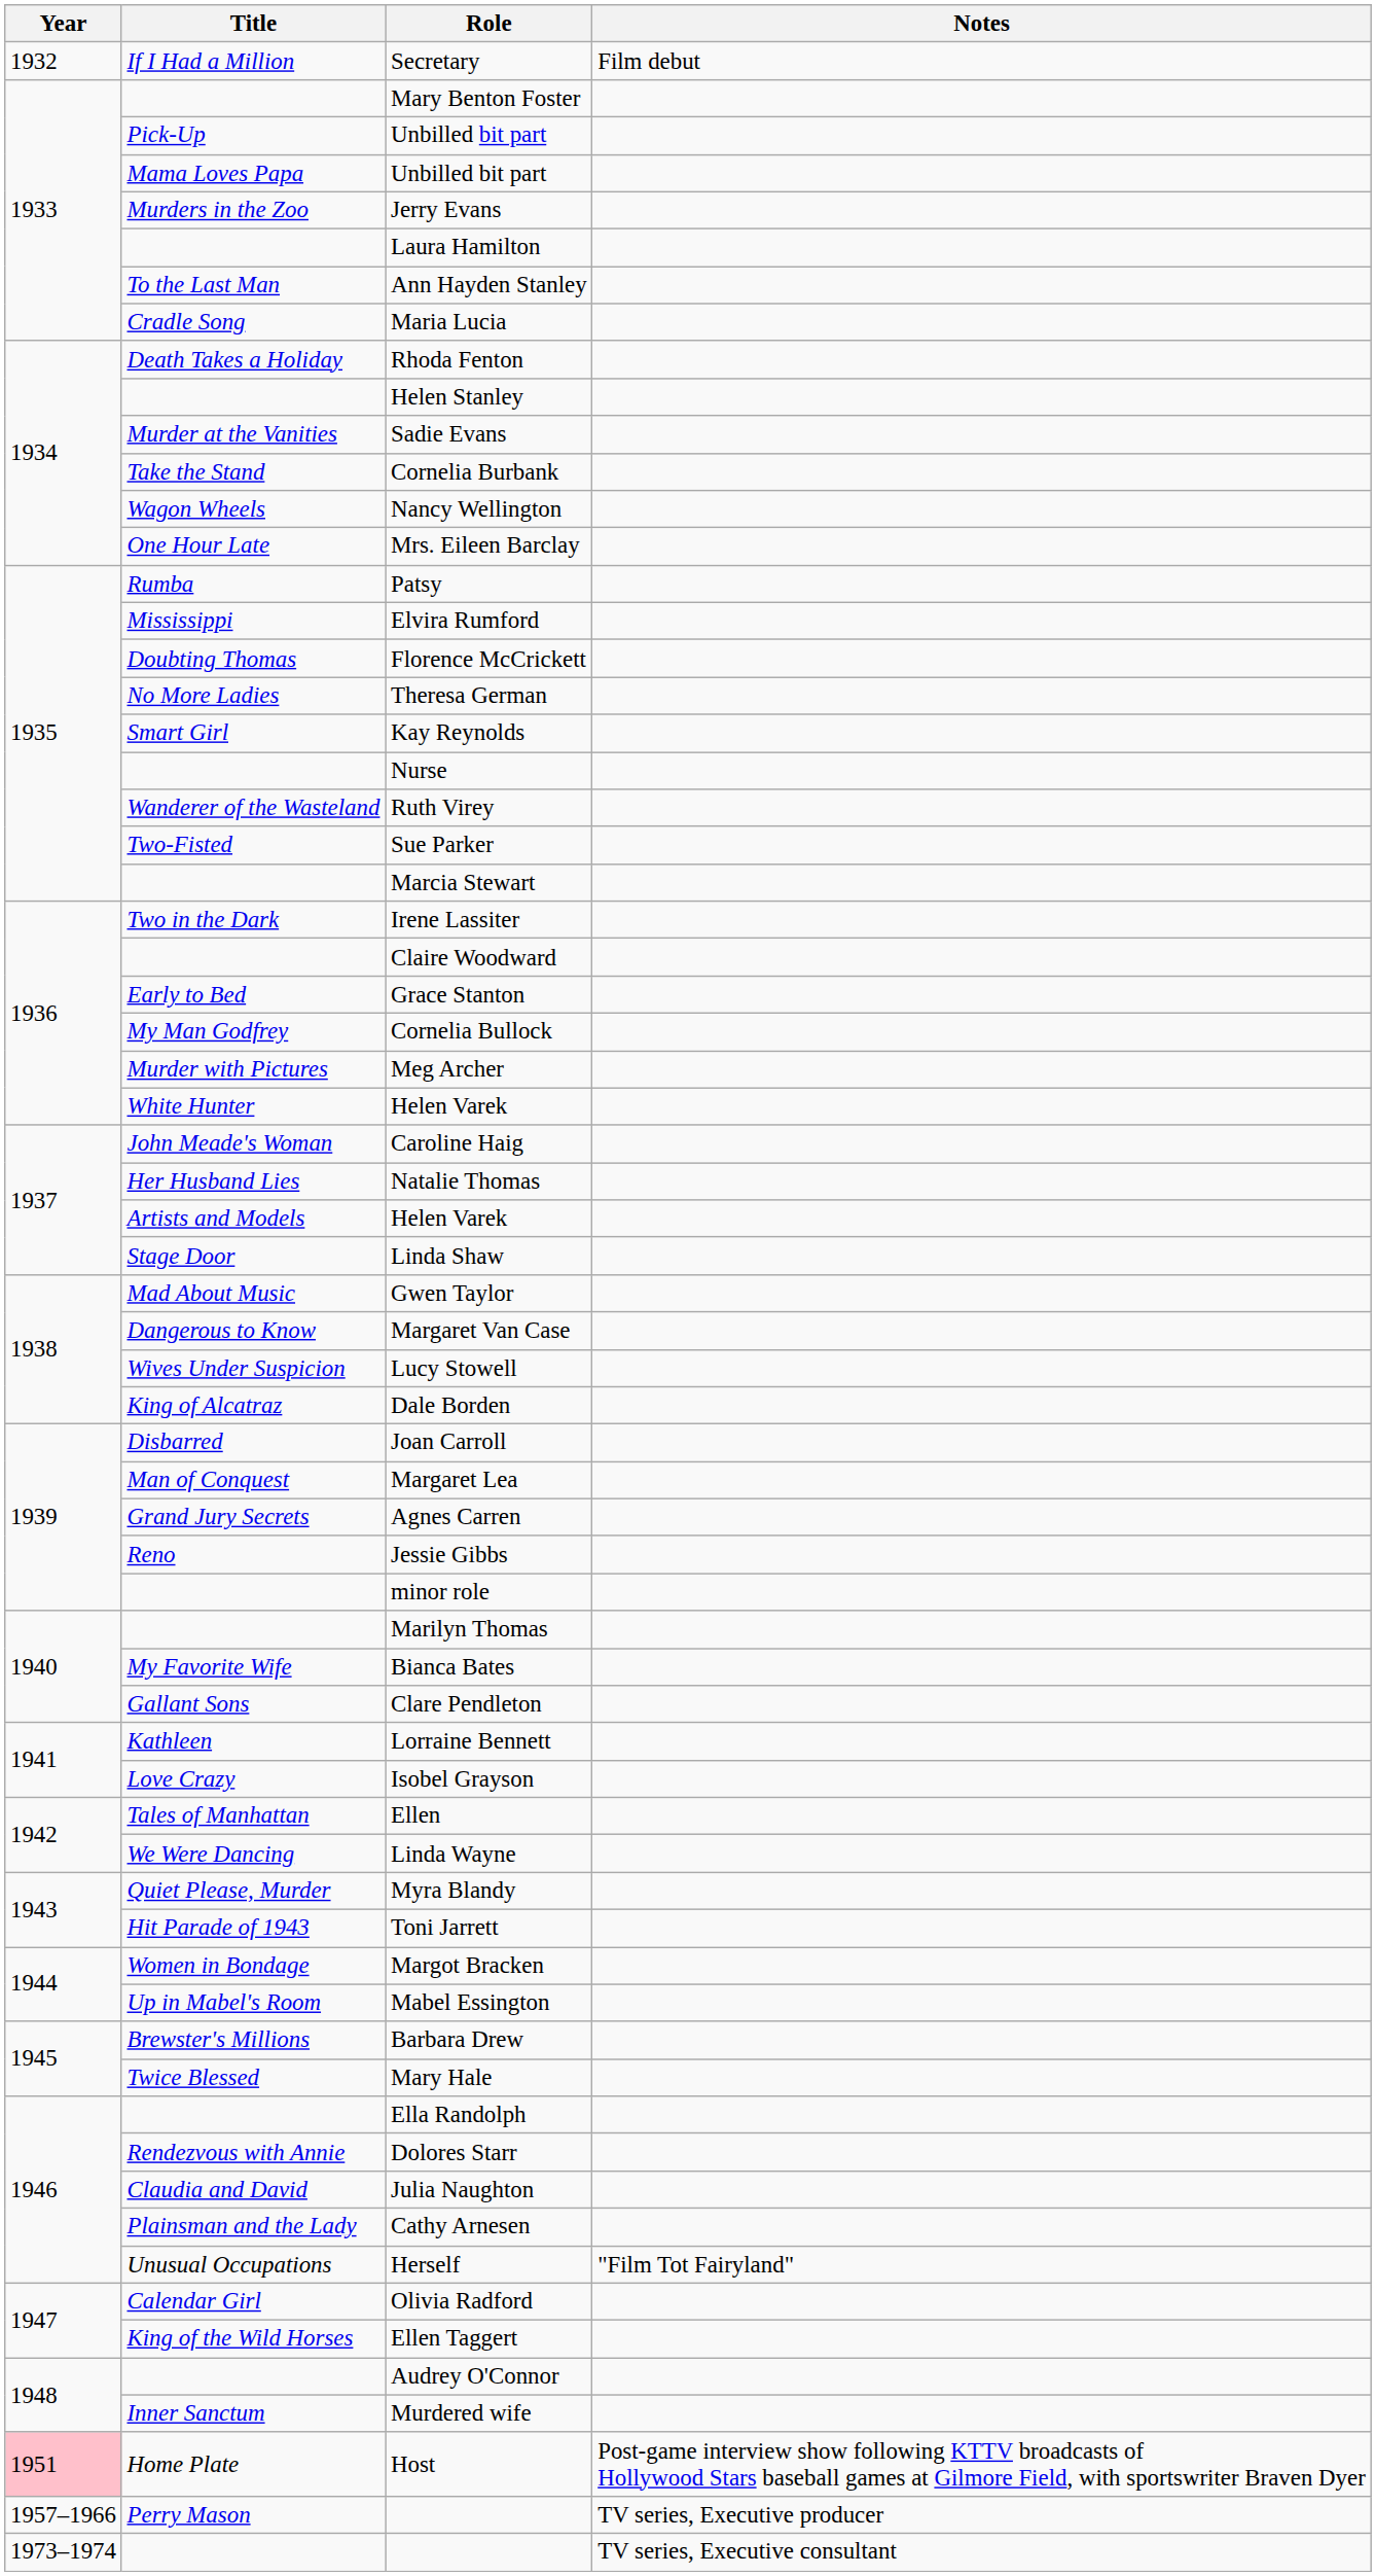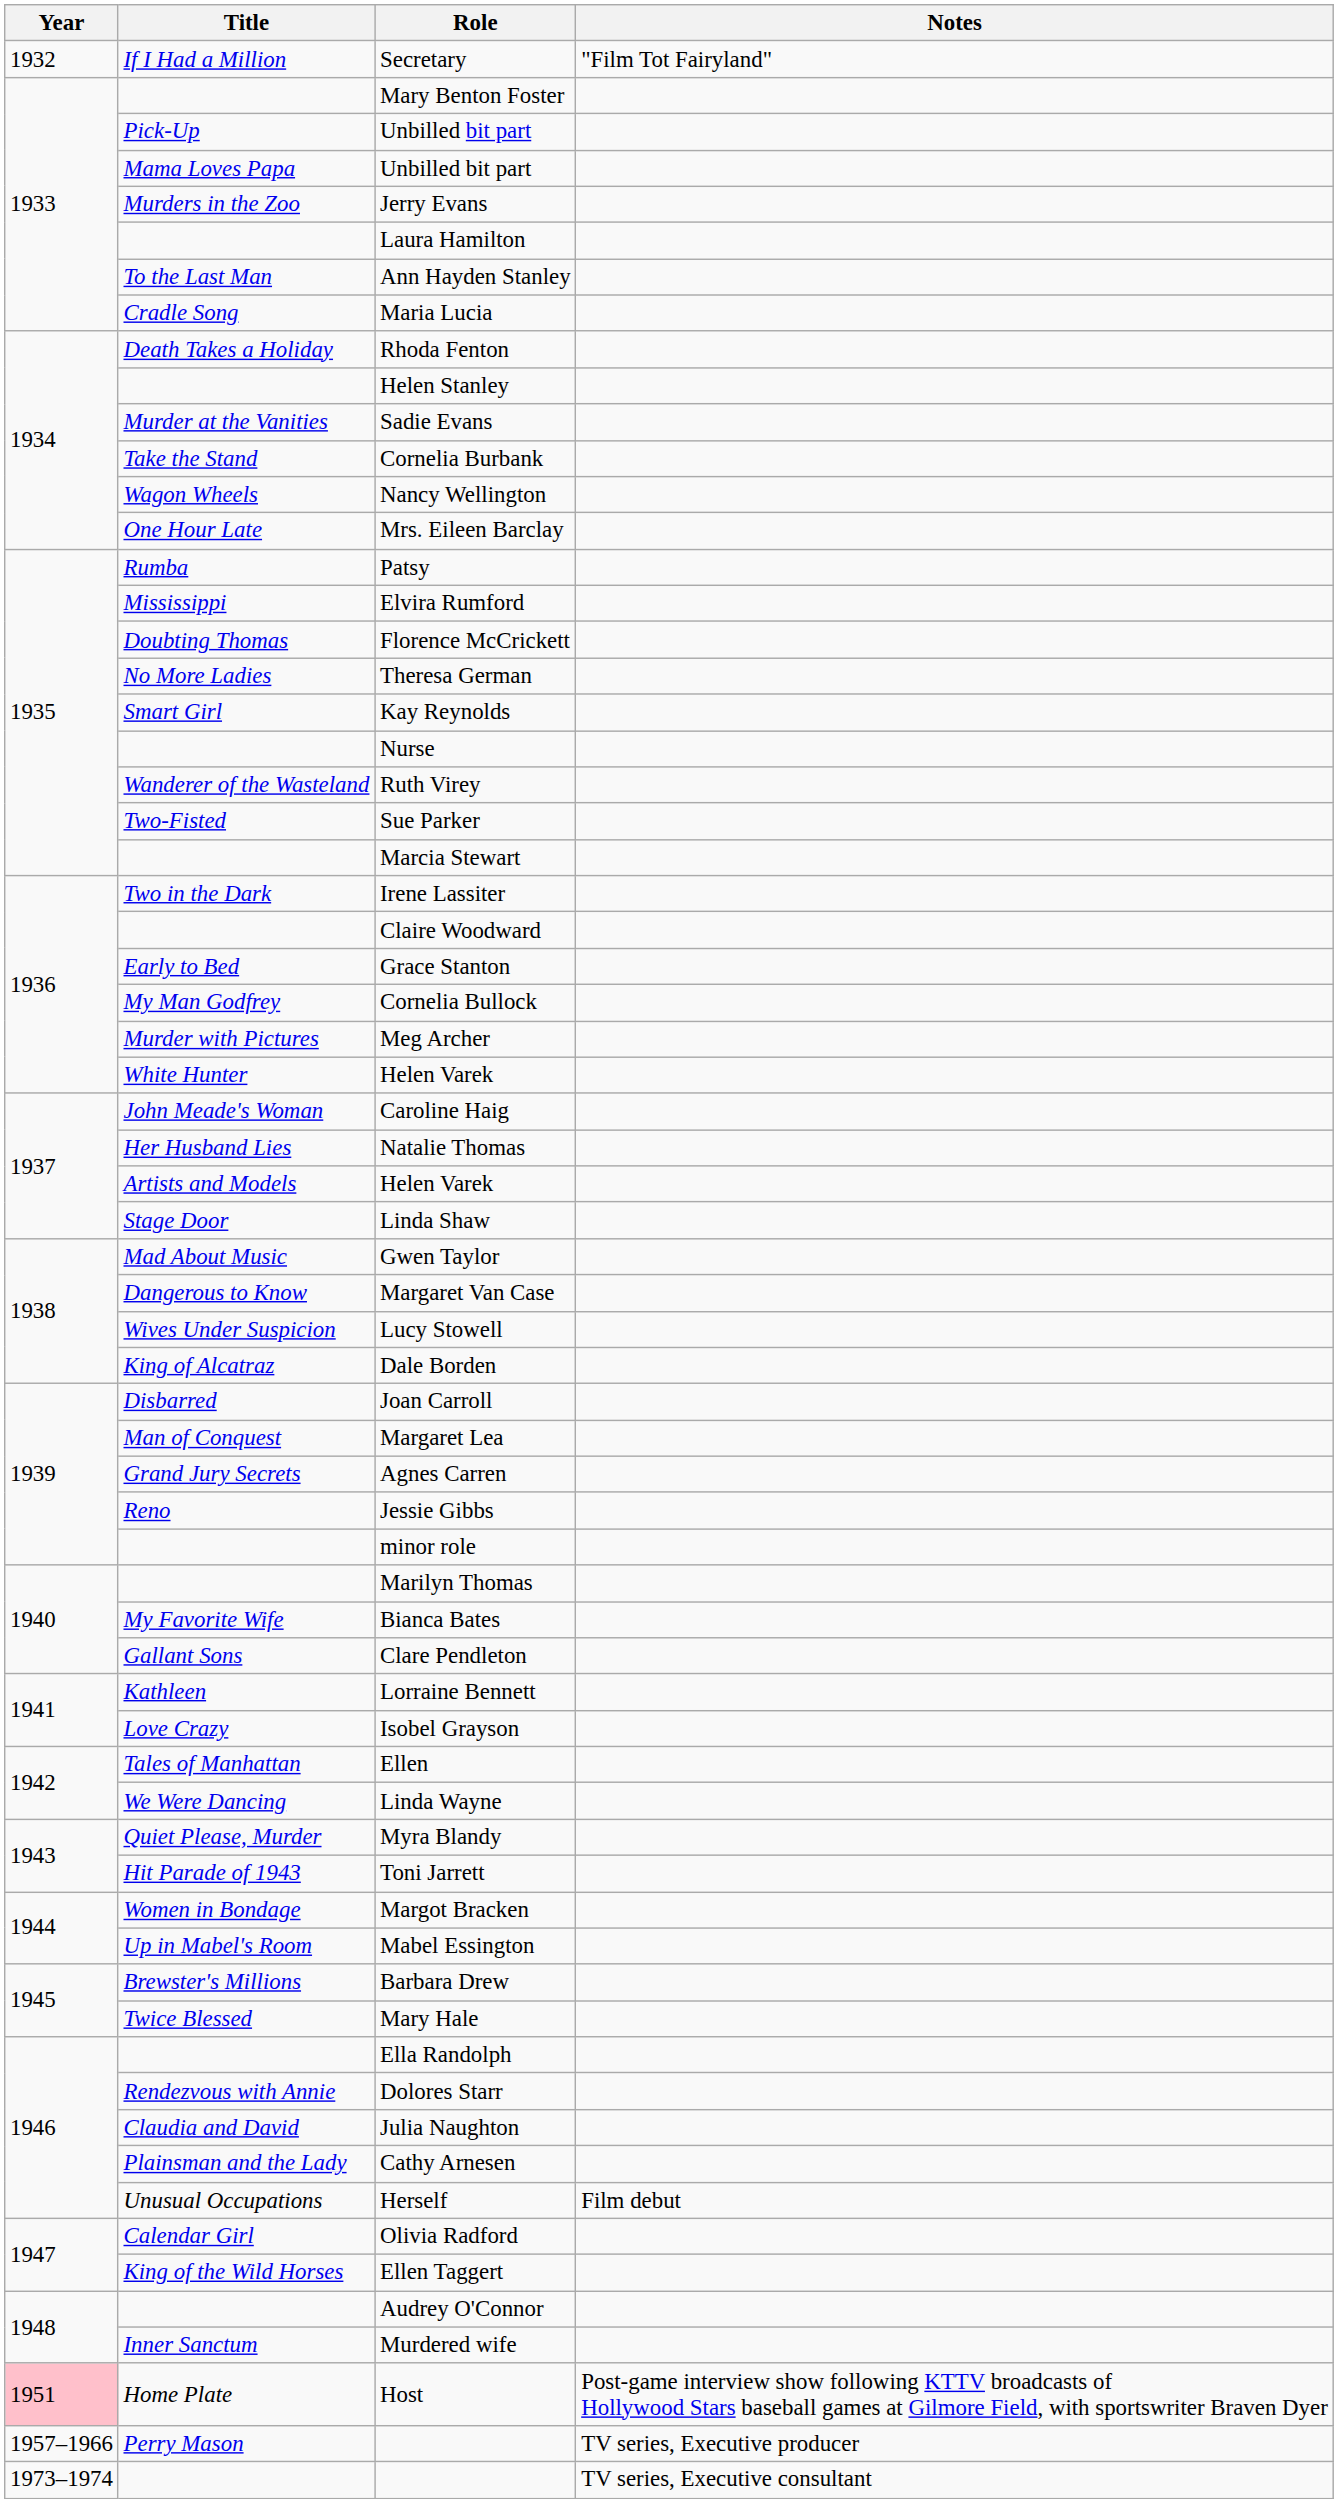 <table class="wikitable sortable">
 <tr>
 <th>Year</th>
 <th>Title</th>
 <th>Role</th>
 <th class="unsortable">Notes</th>
 </tr>
 <tr>
 <td>1932</td>
 <td><em><a href='#'>If I Had a Million</a></em></td>
 <td>Secretary</td>
-<td>Film debut</td>
+<td>"Film Tot Fairyland"</td>
 </tr>
 <tr>
 <td rowspan=7>1933</td>
 <td><em></em></td>
 <td>Mary Benton Foster</td>
 <td></td>
 </tr>
 <tr>
 <td><em><a href='#'>Pick-Up</a></em></td>
 <td>Unbilled <a href='#'>bit part</a></td>
 <td></td>
 </tr>
 <tr>
 <td><em><a href='#'>Mama Loves Papa</a></em></td>
 <td>Unbilled bit part</td>
 <td></td>
 </tr>
 <tr>
 <td><em><a href='#'>Murders in the Zoo</a></em></td>
 <td>Jerry Evans</td>
 <td></td>
 </tr>
 <tr>
 <td><em></em></td>
 <td>Laura Hamilton</td>
 <td></td>
 </tr>
 <tr>
 <td><em><a href='#'>To the Last Man</a></em></td>
 <td>Ann Hayden Stanley</td>
 <td></td>
 </tr>
 <tr>
 <td><em><a href='#'>Cradle Song</a></em></td>
 <td>Maria Lucia</td>
 <td></td>
 </tr>
 <tr>
 <td rowspan=6>1934</td>
 <td><em><a href='#'>Death Takes a Holiday</a></em></td>
 <td>Rhoda Fenton</td>
 <td></td>
 </tr>
 <tr>
 <td><em></em></td>
 <td>Helen Stanley</td>
 <td></td>
 </tr>
 <tr>
 <td><em><a href='#'>Murder at the Vanities</a></em></td>
 <td>Sadie Evans</td>
 <td></td>
 </tr>
 <tr>
 <td><em><a href='#'>Take the Stand</a></em></td>
 <td>Cornelia Burbank</td>
 <td></td>
 </tr>
 <tr>
 <td><em><a href='#'>Wagon Wheels</a></em></td>
 <td>Nancy Wellington</td>
 <td></td>
 </tr>
 <tr>
 <td><em><a href='#'>One Hour Late</a></em></td>
 <td>Mrs. Eileen Barclay</td>
 <td></td>
 </tr>
 <tr>
 <td rowspan=9>1935</td>
 <td><em><a href='#'>Rumba</a></em></td>
 <td>Patsy</td>
 <td></td>
 </tr>
 <tr>
 <td><em><a href='#'>Mississippi</a></em></td>
 <td>Elvira Rumford</td>
 <td></td>
 </tr>
 <tr>
 <td><em><a href='#'>Doubting Thomas</a></em></td>
 <td>Florence McCrickett</td>
 <td></td>
 </tr>
 <tr>
 <td><em><a href='#'>No More Ladies</a></em></td>
 <td>Theresa German</td>
 <td></td>
 </tr>
 <tr>
 <td><em><a href='#'>Smart Girl</a></em></td>
 <td>Kay Reynolds</td>
 <td></td>
 </tr>
 <tr>
 <td><em></em></td>
 <td>Nurse</td>
 <td></td>
 </tr>
 <tr>
 <td><em><a href='#'>Wanderer of the Wasteland</a></em></td>
 <td>Ruth Virey</td>
 <td></td>
 </tr>
 <tr>
 <td><em><a href='#'>Two-Fisted</a></em></td>
 <td>Sue Parker</td>
 <td></td>
 </tr>
 <tr>
 <td><em></em></td>
 <td>Marcia Stewart</td>
 <td></td>
 </tr>
 <tr>
 <td rowspan=6>1936</td>
 <td><em><a href='#'>Two in the Dark</a></em></td>
 <td>Irene Lassiter</td>
 <td></td>
 </tr>
 <tr>
 <td><em></em></td>
 <td>Claire Woodward</td>
 <td></td>
 </tr>
 <tr>
 <td><em><a href='#'>Early to Bed</a></em></td>
 <td>Grace Stanton</td>
 <td></td>
 </tr>
 <tr>
 <td><em><a href='#'>My Man Godfrey</a></em></td>
 <td>Cornelia Bullock</td>
 <td></td>
 </tr>
 <tr>
 <td><em><a href='#'>Murder with Pictures</a></em></td>
 <td>Meg Archer</td>
 <td></td>
 </tr>
 <tr>
 <td><em><a href='#'>White Hunter</a></em></td>
 <td>Helen Varek</td>
 <td></td>
 </tr>
 <tr>
 <td rowspan=4>1937</td>
 <td><em><a href='#'>John Meade's Woman</a></em></td>
 <td>Caroline Haig</td>
 <td></td>
 </tr>
 <tr>
 <td><em><a href='#'>Her Husband Lies</a></em></td>
 <td>Natalie Thomas</td>
 <td></td>
 </tr>
 <tr>
 <td><em><a href='#'>Artists and Models</a></em></td>
 <td>Helen Varek</td>
 <td></td>
 </tr>
 <tr>
 <td><em><a href='#'>Stage Door</a></em></td>
 <td>Linda Shaw</td>
 <td></td>
 </tr>
 <tr>
 <td rowspan=4>1938</td>
 <td><em><a href='#'>Mad About Music</a></em></td>
 <td>Gwen Taylor</td>
 <td></td>
 </tr>
 <tr>
 <td><em><a href='#'>Dangerous to Know</a></em></td>
 <td>Margaret Van Case</td>
 <td></td>
 </tr>
 <tr>
 <td><em><a href='#'>Wives&nbsp;Under&nbsp;Suspicion</a></em></td>
 <td>Lucy Stowell</td>
 <td></td>
 </tr>
 <tr>
 <td><em><a href='#'>King of Alcatraz</a></em></td>
 <td>Dale Borden</td>
 <td></td>
 </tr>
 <tr>
 <td rowspan=5>1939</td>
 <td><em><a href='#'>Disbarred</a></em></td>
 <td>Joan Carroll</td>
 <td></td>
 </tr>
 <tr>
 <td><em><a href='#'>Man of Conquest</a></em></td>
 <td>Margaret Lea</td>
 <td></td>
 </tr>
 <tr>
 <td><em><a href='#'>Grand Jury Secrets</a></em></td>
 <td>Agnes Carren</td>
 <td></td>
 </tr>
 <tr>
 <td><em><a href='#'>Reno</a></em></td>
 <td>Jessie Gibbs</td>
 <td></td>
 </tr>
 <tr>
 <td><em></em></td>
 <td>minor role</td>
 <td></td>
 </tr>
 <tr>
 <td rowspan=3>1940</td>
 <td><em></em></td>
 <td>Marilyn Thomas</td>
 <td></td>
 </tr>
 <tr>
 <td><em><a href='#'>My Favorite Wife</a></em></td>
 <td>Bianca Bates</td>
 <td></td>
 </tr>
 <tr>
 <td><em><a href='#'>Gallant Sons</a></em></td>
 <td>Clare Pendleton</td>
 <td></td>
 </tr>
 <tr>
 <td rowspan=2>1941</td>
 <td><em><a href='#'>Kathleen</a></em></td>
 <td>Lorraine Bennett</td>
 <td></td>
 </tr>
 <tr>
 <td><em><a href='#'>Love Crazy</a></em></td>
 <td>Isobel Grayson</td>
 <td></td>
 </tr>
 <tr>
 <td rowspan=2>1942</td>
 <td><em><a href='#'>Tales of Manhattan</a></em></td>
 <td>Ellen</td>
 <td></td>
 </tr>
 <tr>
 <td><em><a href='#'>We Were Dancing</a></em></td>
 <td>Linda Wayne</td>
 <td></td>
 </tr>
 <tr>
 <td rowspan=2>1943</td>
 <td><em><a href='#'>Quiet Please, Murder</a></em></td>
 <td>Myra Blandy</td>
 <td></td>
 </tr>
 <tr>
 <td><em><a href='#'>Hit Parade of 1943</a></em></td>
 <td>Toni Jarrett</td>
 <td></td>
 </tr>
 <tr>
 <td rowspan=2>1944</td>
 <td><em><a href='#'>Women in Bondage</a></em></td>
 <td>Margot Bracken</td>
 <td></td>
 </tr>
 <tr>
 <td><em><a href='#'>Up in Mabel's Room</a></em></td>
 <td>Mabel Essington</td>
 <td></td>
 </tr>
 <tr>
 <td rowspan=2>1945</td>
 <td><em><a href='#'>Brewster's Millions</a></em></td>
 <td>Barbara Drew</td>
 <td></td>
 </tr>
 <tr>
 <td><em><a href='#'>Twice Blessed</a></em></td>
 <td>Mary Hale</td>
 <td></td>
 </tr>
 <tr>
 <td rowspan=5>1946</td>
 <td><em></em></td>
 <td>Ella Randolph</td>
 <td></td>
 </tr>
 <tr>
 <td><em><a href='#'>Rendezvous with Annie</a></em></td>
 <td>Dolores Starr</td>
 <td></td>
 </tr>
 <tr>
 <td><em><a href='#'>Claudia and David</a></em></td>
 <td>Julia Naughton</td>
 <td></td>
 </tr>
 <tr>
 <td><em><a href='#'>Plainsman and the Lady</a></em></td>
 <td>Cathy Arnesen</td>
 <td></td>
 </tr>
 <tr>
 <td><em>Unusual Occupations</em></td>
 <td>Herself</td>
-<td>"Film Tot Fairyland"</td>
+<td>Film debut</td>
 </tr>
 <tr>
 <td rowspan=2>1947</td>
 <td><em><a href='#'>Calendar Girl</a></em></td>
 <td>Olivia Radford</td>
 <td></td>
 </tr>
 <tr>
 <td><em><a href='#'>King of the Wild Horses</a></em></td>
 <td>Ellen Taggert</td>
 <td></td>
 </tr>
 <tr>
 <td rowspan=2>1948</td>
 <td><em></em></td>
 <td>Audrey O'Connor</td>
 <td></td>
 </tr>
 <tr>
 <td><em><a href='#'>Inner Sanctum</a></em></td>
 <td>Murdered wife</td>
 <td></td>
 </tr>
 <tr>
 <td style="background: pink;">1951</td>
 <td><em>Home Plate</em></td>
 <td>Host</td>
 <td>Post-game interview show following <a href='#'>KTTV</a> broadcasts of<br><a href='#'>Hollywood Stars</a> baseball games at <a href='#'>Gilmore Field</a>,  with sportswriter Braven Dyer</td>
 </tr>
 <tr>
 <td>1957–1966</td>
 <td><em><a href='#'>Perry Mason</a></em></td>
 <td></td>
 <td>TV series, Executive producer</td>
 </tr>
 <tr>
 <td>1973–1974</td>
 <td><em></em></td>
 <td></td>
 <td>TV series, Executive consultant</td>
 </tr>
 </table>
